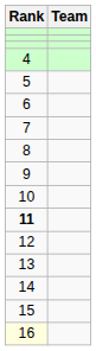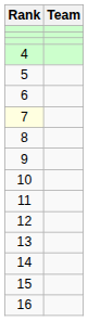 <table class="wikitable">
 <tr>
 <th style="width: 40px;">Rank</th>
 <th>Team</th>
 </tr>
 <tr style="background:#CCFFCC;">
 <td align=center></td>
 <td></td>
 </tr>
 <tr style="background:#CCFFCC;">
 <td align=center></td>
 <td></td>
 </tr>
 <tr style="background:#CCFFCC;">
 <td align=center></td>
 <td></td>
 </tr>
 <tr style="background:#CCFFCC;">
 <td align=center>4</td>
 <td></td>
 </tr>
 <tr>
 <td align=center>5</td>
 <td></td>
 </tr>
 <tr>
 <td align=center>6</td>
 <td></td>
 </tr>
 <tr>
-<td align=center>7</td>
+<td align=center style="background: lightyellow;">7</td>
 <td></td>
 </tr>
 <tr>
 <td align=center>8</td>
 <td></td>
 </tr>
 <tr>
 <td align=center>9</td>
 <td></td>
 </tr>
 <tr>
 <td align=center>10</td>
 <td></td>
 </tr>
 <tr>
-<td align=center><strong>11</strong></td>
+<td align=center>11</td>
 <td></td>
 </tr>
 <tr>
 <td align=center>12</td>
 <td></td>
 </tr>
 <tr>
 <td align=center>13</td>
 <td></td>
 </tr>
 <tr>
 <td align=center>14</td>
 <td></td>
 </tr>
 <tr>
 <td align=center>15</td>
 <td></td>
 </tr>
 <tr>
-<td align=center style="background: lightyellow;">16</td>
+<td align=center>16</td>
 <td></td>
 </tr>
 </table>
